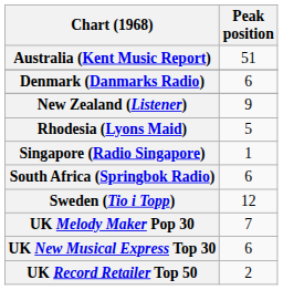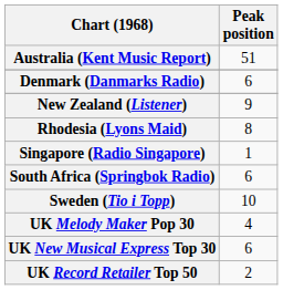 <table class="wikitable sortable plainrowheaders" style="text-align:center">
 <tr>
 <th>Chart (1968)</th>
 <th>Peak<br>position</th>
 </tr>
 <tr>
 <th scope="row">Australia (<a href='#'>Kent Music Report</a>)</th>
 <td>51</td>
 </tr>
 <tr>
 </tr>
 <tr>
 <th scope="row">Denmark (<a href='#'>Danmarks Radio</a>)</th>
 <td>6</td>
 </tr>
 <tr>
 </tr>
 <tr>
 </tr>
 <tr>
 <th scope="row">New Zealand (<em><a href='#'>Listener</a></em>)</th>
 <td>9</td>
 </tr>
 <tr>
 <th scope="row">Rhodesia (<a href='#'>Lyons Maid</a>)</th>
-<td>5</td>
+<td>8</td>
 </tr>
 <tr>
 <th scope="row">Singapore (<a href='#'>Radio Singapore</a>)</th>
 <td>1</td>
 </tr>
 <tr>
 <th scope="row">South Africa (<a href='#'>Springbok Radio</a>)</th>
 <td>6</td>
 </tr>
 <tr>
 <th scope="row">Sweden (<em><a href='#'>Tio i Topp</a></em>)</th>
-<td>12</td>
+<td>10</td>
 </tr>
 <tr>
 <th scope="row">UK <em><a href='#'>Melody Maker</a></em> Pop 30</th>
-<td>7</td>
+<td>4</td>
 </tr>
 <tr>
 <th scope="row">UK <em><a href='#'>New Musical Express</a></em> Top 30</th>
 <td>6</td>
 </tr>
 <tr>
 <th scope="row">UK <em><a href='#'>Record Retailer</a></em> Top 50</th>
 <td>2</td>
 </tr>
 </table>
